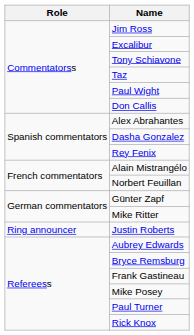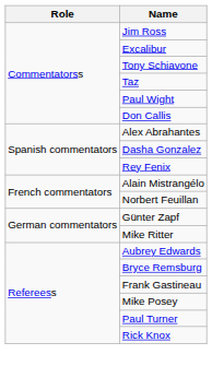 <table class=wikitable style="font-size:90%; margin: 0.5em 0 0.5em 1em; float: right; clear: right;">
 <tr>
 <th>Role</th>
 <th>Name</th>
 </tr>
 <tr>
 <td rowspan=6><a href='#'>Commentators</a>s</td>
 <td><a href='#'>Jim Ross</a> </td>
 </tr>
 <tr>
 <td><a href='#'>Excalibur</a> </td>
 </tr>
 <tr>
 <td><a href='#'>Tony Schiavone</a> </td>
 </tr>
 <tr>
 <td><a href='#'>Taz</a> </td>
 </tr>
 <tr>
 <td><a href='#'>Paul Wight</a> </td>
 </tr>
 <tr>
 <td><a href='#'>Don Callis</a> </td>
 </tr>
 <tr>
 <td rowspan=3>Spanish commentators</td>
 <td>Alex Abrahantes</td>
 </tr>
 <tr>
 <td><a href='#'>Dasha Gonzalez</a></td>
 </tr>
 <tr>
 <td><a href='#'>Rey Fenix</a></td>
 </tr>
 <tr>
 <td rowspan=2>French commentators</td>
 <td>Alain Mistrangélo</td>
 </tr>
 <tr>
 <td>Norbert Feuillan</td>
 </tr>
 <tr>
 <td rowspan=2>German commentators</td>
 <td>Günter Zapf</td>
 </tr>
 <tr>
 <td>Mike Ritter</td>
 </tr>
 <tr>
-<td rowspan=1><a href='#'>Ring announcer</a></td>
-<td><a href='#'>Justin Roberts</a></td>
-</tr>
-<tr>
 <td rowspan=6><a href='#'>Referees</a>s</td>
 <td><a href='#'>Aubrey Edwards</a></td>
 </tr>
 <tr>
 <td><a href='#'>Bryce Remsburg</a></td>
 </tr>
 <tr>
 <td>Frank Gastineau</td>
 </tr>
 <tr>
 <td>Mike Posey</td>
 </tr>
 <tr>
 <td><a href='#'>Paul Turner</a></td>
 </tr>
 <tr>
 <td><a href='#'>Rick Knox</a></td>
 </tr>
 </table>
